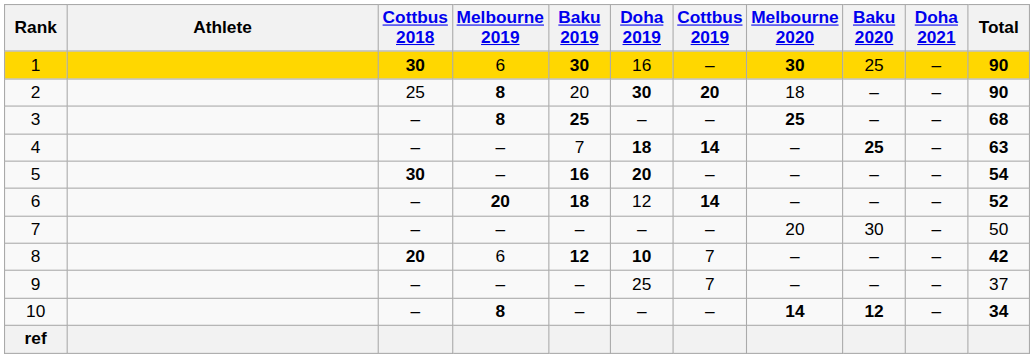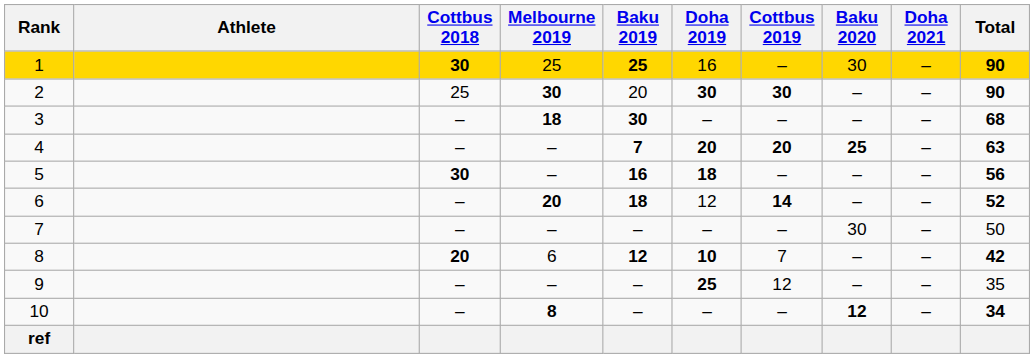 <table style="width:60%;" class="wikitable">
 <tr>
 <th style="text-align:center; width:6%;">Rank</th>
 <th style="text-align:center; width:30%;">Athlete</th>
 <th style="text-align:center; width:6%;"><a href='#'>Cottbus 2018</a></th>
 <th style="text-align:center; width:6%;"><a href='#'>Melbourne 2019</a></th>
 <th style="text-align:center; width:6%;"><a href='#'>Baku 2019</a></th>
 <th style="text-align:center; width:6%;"><a href='#'>Doha 2019</a></th>
 <th style="text-align:center; width:6%;"><a href='#'>Cottbus 2019</a></th>
-<th style="text-align:center; width:6%;"><a href='#'>Melbourne 2020</a></th>
 <th style="text-align:center; width:6%;"><a href='#'>Baku 2020</a></th>
 <th style="text-align:center; width:6%;"><a href='#'>Doha 2021</a></th>
 <th style="text-align:center; width:6%;">Total</th>
 </tr>
 <tr scope=row style="text-align:center" bgcolor=gold>
 <td>1</td>
 <td align=left></td>
 <td><strong>30</strong></td>
-<td>6</td>
-<td><strong>30</strong></td>
+<td>25</td>
+<td><strong>25</strong></td>
 <td>16</td>
 <td>–</td>
-<td><strong>30</strong></td>
-<td>25</td>
+<td>30</td>
 <td>–</td>
 <td><strong>90</strong></td>
 </tr>
 <tr scope=row style="text-align:center">
 <td>2</td>
 <td align=left></td>
 <td>25</td>
-<td><strong>8</strong></td>
+<td><strong>30</strong></td>
 <td>20</td>
 <td><strong>30</strong></td>
-<td><strong>20</strong></td>
-<td>18</td>
+<td><strong>30</strong></td>
 <td>–</td>
 <td>–</td>
 <td><strong>90</strong></td>
 </tr>
 <tr scope=row style="text-align:center">
 <td>3</td>
 <td align=left></td>
 <td>–</td>
-<td><strong>8</strong></td>
-<td><strong>25</strong></td>
+<td><strong>18</strong></td>
+<td><strong>30</strong></td>
 <td>–</td>
 <td>–</td>
-<td><strong>25</strong></td>
 <td>–</td>
 <td>–</td>
 <td><strong>68</strong></td>
 </tr>
 <tr scope=row style="text-align:center">
 <td>4</td>
 <td align=left></td>
 <td>–</td>
 <td>–</td>
-<td>7</td>
-<td><strong>18</strong></td>
-<td><strong>14</strong></td>
-<td>–</td>
+<td><strong>7</strong></td>
+<td><strong>20</strong></td>
+<td><strong>20</strong></td>
 <td><strong>25</strong></td>
 <td>–</td>
 <td><strong>63</strong></td>
 </tr>
 <tr scope=row style="text-align:center">
 <td>5</td>
 <td align=left></td>
 <td><strong>30</strong></td>
 <td>–</td>
 <td><strong>16</strong></td>
-<td><strong>20</strong></td>
+<td><strong>18</strong></td>
 <td>–</td>
 <td>–</td>
 <td>–</td>
-<td>–</td>
-<td><strong>54</strong></td>
+<td><strong>56</strong></td>
 </tr>
 <tr scope=row style="text-align:center">
 <td>6</td>
 <td align=left></td>
 <td>–</td>
 <td><strong>20</strong></td>
 <td><strong>18</strong></td>
 <td>12</td>
 <td><strong>14</strong></td>
-<td>–</td>
 <td>–</td>
 <td>–</td>
 <td><strong>52</strong></td>
 </tr>
 <tr scope=row style="text-align:center">
 <td>7</td>
 <td align=left></td>
 <td>–</td>
 <td>–</td>
 <td>–</td>
 <td>–</td>
 <td>–</td>
-<td>20</td>
 <td>30</td>
 <td>–</td>
 <td>50</td>
 </tr>
 <tr scope=row style="text-align:center">
 <td>8</td>
 <td align=left></td>
 <td><strong>20</strong></td>
 <td>6</td>
 <td><strong>12</strong></td>
 <td><strong>10</strong></td>
 <td>7</td>
 <td>–</td>
 <td>–</td>
-<td>–</td>
 <td><strong>42</strong></td>
 </tr>
 <tr scope=row style="text-align:center">
 <td>9</td>
 <td align=left></td>
 <td>–</td>
 <td>–</td>
 <td>–</td>
-<td>25</td>
-<td>7</td>
+<td><strong>25</strong></td>
+<td>12</td>
 <td>–</td>
 <td>–</td>
-<td>–</td>
-<td>37</td>
+<td>35</td>
 </tr>
 <tr scope=row style="text-align:center">
 <td>10</td>
 <td align=left></td>
 <td>–</td>
 <td><strong>8</strong></td>
 <td>–</td>
 <td>–</td>
 <td>–</td>
-<td><strong>14</strong></td>
 <td><strong>12</strong></td>
 <td>–</td>
 <td><strong>34</strong></td>
 </tr>
 <tr scope=row style="text-align:center">
 <th>ref</th>
 <th></th>
 <th></th>
 <th></th>
 <th></th>
 <th></th>
 <th></th>
 <th></th>
 <th></th>
 <th></th>
-<th></th>
 </tr>
 </table>
